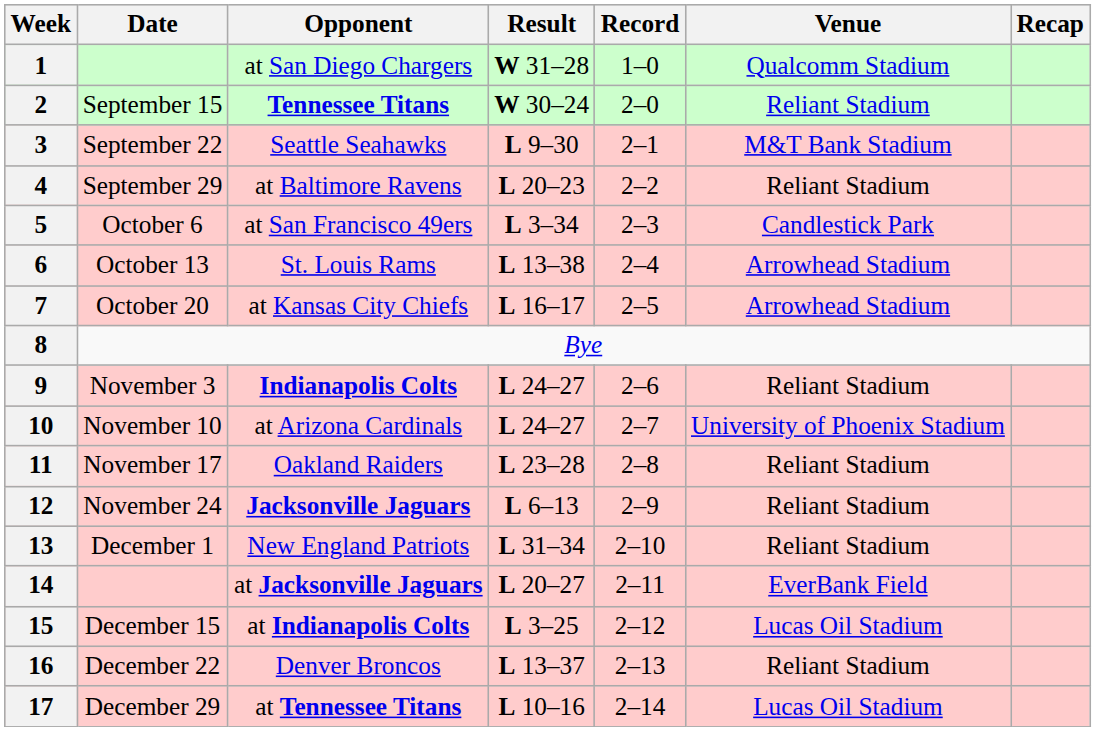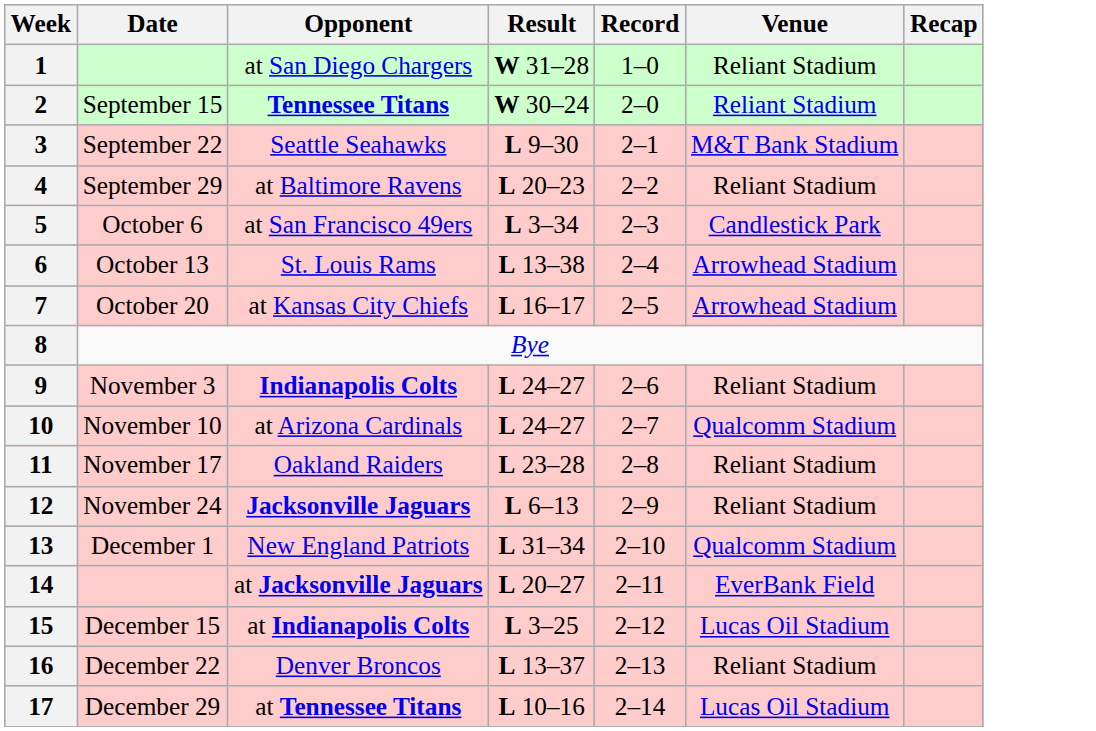 <table class="wikitable" style="text-align:center">
 <tr>
 <th>Week</th>
 <th>Date</th>
 <th>Opponent</th>
 <th>Result</th>
 <th>Record</th>
 <th>Venue</th>
 <th>Recap</th>
 </tr>
 <tr style="background:#cfc">
 <th>1</th>
 <td></td>
 <td>at <a href='#'>San Diego Chargers</a></td>
 <td><strong>W</strong> 31–28</td>
 <td>1–0</td>
-<td><a href='#'>Qualcomm Stadium</a></td>
+<td>Reliant Stadium</td>
 <td></td>
 </tr>
 <tr style="background:#cfc">
 <th>2</th>
 <td>September 15</td>
 <td><strong><a href='#'>Tennessee Titans</a></strong></td>
 <td><strong>W</strong> 30–24 </td>
 <td>2–0</td>
 <td><a href='#'>Reliant Stadium</a></td>
 <td></td>
 </tr>
 <tr style="background:#fcc">
 <th>3</th>
 <td>September 22</td>
 <td><a href='#'>Seattle Seahawks</a></td>
 <td><strong>L</strong> 9–30</td>
 <td>2–1</td>
 <td><a href='#'>M&T Bank Stadium</a></td>
 <td></td>
 </tr>
 <tr style="background:#fcc">
 <th>4</th>
 <td>September 29</td>
 <td>at <a href='#'>Baltimore Ravens</a></td>
 <td><strong>L</strong> 20–23 </td>
 <td>2–2</td>
 <td>Reliant Stadium</td>
 <td></td>
 </tr>
 <tr style="background:#fcc">
 <th>5</th>
 <td>October 6</td>
 <td>at <a href='#'>San Francisco 49ers</a></td>
 <td><strong>L</strong> 3–34</td>
 <td>2–3</td>
 <td><a href='#'>Candlestick Park</a></td>
 <td></td>
 </tr>
 <tr style="background:#fcc">
 <th>6</th>
 <td>October 13</td>
 <td><a href='#'>St. Louis Rams</a></td>
 <td><strong>L</strong> 13–38</td>
 <td>2–4</td>
 <td><a href='#'>Arrowhead Stadium</a></td>
 <td></td>
 </tr>
 <tr style="background:#fcc">
 <th>7</th>
 <td>October 20</td>
 <td>at <a href='#'>Kansas City Chiefs</a></td>
 <td><strong>L</strong> 16–17</td>
 <td>2–5</td>
 <td><a href='#'>Arrowhead Stadium</a></td>
 <td></td>
 </tr>
 <tr>
 <th>8</th>
 <td colspan="6"><em><a href='#'>Bye</a></em></td>
 </tr>
 <tr style="background:#fcc">
 <th>9</th>
 <td>November 3</td>
 <td><strong><a href='#'>Indianapolis Colts</a></strong></td>
 <td><strong>L</strong> 24–27</td>
 <td>2–6</td>
 <td>Reliant Stadium</td>
 <td></td>
 </tr>
 <tr style="background:#fcc">
 <th>10</th>
 <td>November 10</td>
 <td>at <a href='#'>Arizona Cardinals</a></td>
 <td><strong>L</strong> 24–27</td>
 <td>2–7</td>
-<td><a href='#'>University of Phoenix Stadium</a></td>
+<td><a href='#'>Qualcomm Stadium</a></td>
 <td></td>
 </tr>
 <tr style="background:#fcc">
 <th>11</th>
 <td>November 17</td>
 <td><a href='#'>Oakland Raiders</a></td>
 <td><strong>L</strong> 23–28</td>
 <td>2–8</td>
 <td>Reliant Stadium</td>
 <td></td>
 </tr>
 <tr style="background:#fcc">
 <th>12</th>
 <td>November 24</td>
 <td><strong><a href='#'>Jacksonville Jaguars</a></strong></td>
 <td><strong>L</strong> 6–13</td>
 <td>2–9</td>
 <td>Reliant Stadium</td>
 <td></td>
 </tr>
 <tr style="background:#fcc">
 <th>13</th>
 <td>December 1</td>
 <td><a href='#'>New England Patriots</a></td>
 <td><strong>L</strong> 31–34</td>
 <td>2–10</td>
-<td>Reliant Stadium</td>
+<td><a href='#'>Qualcomm Stadium</a></td>
 <td></td>
 </tr>
 <tr style="background:#fcc">
 <th>14</th>
 <td></td>
 <td>at <strong><a href='#'>Jacksonville Jaguars</a></strong></td>
 <td><strong>L</strong> 20–27</td>
 <td>2–11</td>
 <td><a href='#'>EverBank Field</a></td>
 <td></td>
 </tr>
 <tr style="background:#fcc">
 <th>15</th>
 <td>December 15</td>
 <td>at <strong><a href='#'>Indianapolis Colts</a></strong></td>
 <td><strong>L</strong> 3–25</td>
 <td>2–12</td>
 <td><a href='#'>Lucas Oil Stadium</a></td>
 <td></td>
 </tr>
 <tr style="background:#fcc">
 <th>16</th>
 <td>December 22</td>
 <td><a href='#'>Denver Broncos</a></td>
 <td><strong>L</strong> 13–37</td>
 <td>2–13</td>
 <td>Reliant Stadium</td>
 <td></td>
 </tr>
 <tr style="background:#fcc">
 <th>17</th>
 <td>December 29</td>
 <td>at <strong><a href='#'>Tennessee Titans</a></strong></td>
 <td><strong>L</strong> 10–16</td>
 <td>2–14</td>
 <td><a href='#'>Lucas Oil Stadium</a></td>
 <td></td>
 </tr>
 </table>
